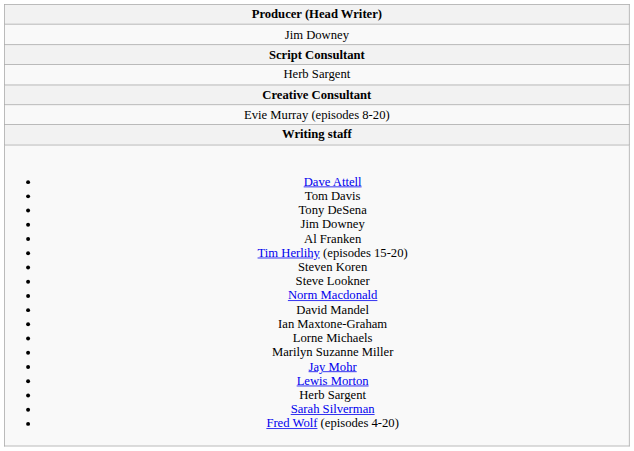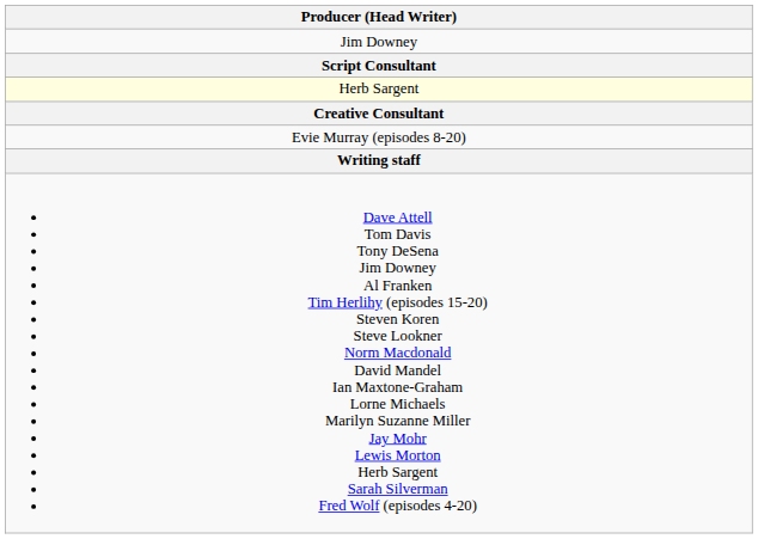 <table class="wikitable plainrowheaders"  style="text-align:center; width:50%;">
 <tr>
 <th><strong>Producer (Head Writer)</strong></th>
 </tr>
 <tr>
 <td>Jim Downey</td>
 </tr>
 <tr>
 <th><strong>Script Consultant</strong></th>
 </tr>
 <tr>
-<td>Herb Sargent</td>
+<td style="background: lightyellow;">Herb Sargent</td>
 </tr>
 <tr>
 <th><strong>Creative Consultant</strong></th>
 </tr>
 <tr>
 <td>Evie Murray (episodes 8-20)</td>
 </tr>
 <tr>
 <th><strong>Writing staff</strong></th>
 </tr>
 <tr>
 <td><br><ul><li><a href='#'>Dave Attell</a></li><li>Tom Davis</li><li>Tony DeSena</li><li>Jim Downey</li><li>Al Franken</li><li><a href='#'>Tim Herlihy</a> (episodes 15-20)</li><li>Steven Koren</li><li>Steve Lookner</li><li><a href='#'>Norm Macdonald</a></li><li>David Mandel</li><li>Ian Maxtone-Graham</li><li>Lorne Michaels</li><li>Marilyn Suzanne Miller</li><li><a href='#'>Jay Mohr</a></li><li><a href='#'>Lewis Morton</a></li><li>Herb Sargent</li><li><a href='#'>Sarah Silverman</a></li><li><a href='#'>Fred Wolf</a> (episodes 4-20)</li></ul></td>
 </tr>
 </table>
